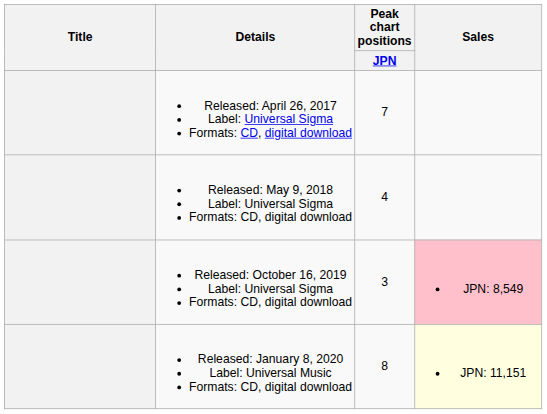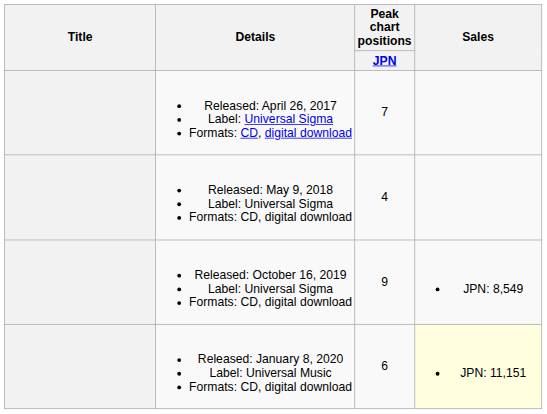 <table class="wikitable plainrowheaders" style="text-align:center;">
 <tr>
 <th rowspan="2" style="width:12em;">Title</th>
 <th rowspan="2">Details</th>
 <th colspan="1">Peak chart positions</th>
 <th rowspan="2" style="width:10em;">Sales</th>
 </tr>
 <tr>
 <th width="30"><a href='#'>JPN</a></th>
 </tr>
 <tr>
 <th scope="row"></th>
 <td><br><ul><li>Released: April 26, 2017</li><li>Label: <a href='#'>Universal Sigma</a></li><li>Formats: <a href='#'>CD</a>, <a href='#'>digital download</a></li></ul></td>
 <td>7</td>
 <td></td>
 </tr>
 <tr>
 <th scope="row"></th>
 <td><br><ul><li>Released: May 9, 2018</li><li>Label: Universal Sigma</li><li>Formats: CD, digital download</li></ul></td>
 <td>4</td>
 <td></td>
 </tr>
 <tr>
 <th scope="row"></th>
 <td><br><ul><li>Released: October 16, 2019</li><li>Label: Universal Sigma</li><li>Formats: CD, digital download</li></ul></td>
-<td>3</td>
-<td style="background: pink;"><br><ul><li>JPN: 8,549</li></ul></td>
+<td>9</td>
+<td><br><ul><li>JPN: 8,549</li></ul></td>
 </tr>
 <tr>
 <th scope="row"></th>
 <td><br><ul><li>Released: January 8, 2020</li><li>Label: Universal Music</li><li>Formats: CD, digital download</li></ul></td>
-<td>8</td>
+<td>6</td>
 <td style="background: lightyellow;"><br><ul><li>JPN: 11,151</li></ul></td>
 </tr>
 </table>
